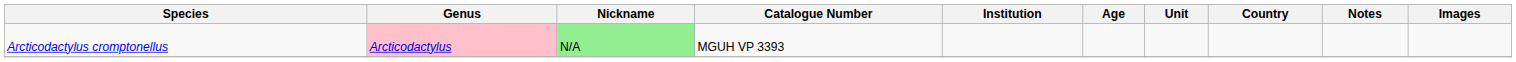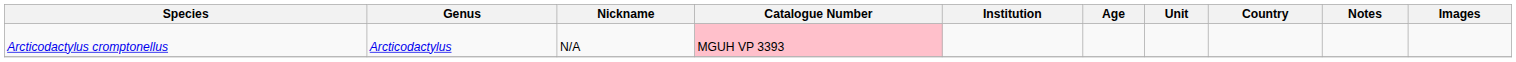 <table class="wikitable sortable" align="center" width="100%">
 <tr>
 <th>Species</th>
 <th>Genus</th>
 <th>Nickname</th>
 <th>Catalogue Number</th>
 <th>Institution</th>
 <th>Age</th>
 <th>Unit</th>
 <th>Country</th>
 <th>Notes</th>
 <th>Images</th>
 </tr>
 <tr>
 <td><br><em><a href='#'>Arcticodactylus cromptonellus</a></em></td>
-<td style="background: pink;"><br><em><a href='#'>Arcticodactylus</a></em></td>
-<td style="background: lightgreen;"><br>N/A</td>
-<td><br>MGUH VP 3393</td>
+<td><br><em><a href='#'>Arcticodactylus</a></em></td>
+<td><br>N/A</td>
+<td style="background: pink;"><br>MGUH VP 3393</td>
 <td></td>
 <td></td>
 <td></td>
 <td></td>
 <td></td>
 <td><br></td>
 </tr>
 <tr>
 </tr>
 </table>
